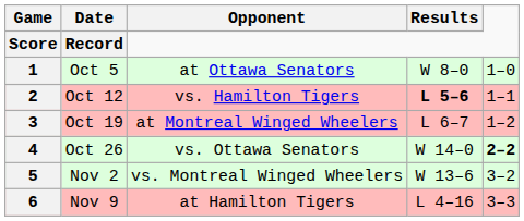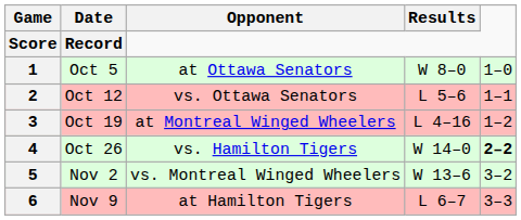 <table class="wikitable" style="text-align:center">
 <tr>
 <th>Game</th>
 <th>Date</th>
 <th>Opponent</th>
 <th>Results</th>
 </tr>
 <tr>
 <th>Score</th>
 <th>Record</th>
 </tr>
 <tr style="background:#ddffdd">
 <th>1</th>
 <td>Oct 5</td>
 <td>at <a href='#'>Ottawa Senators</a></td>
 <td>W 8–0</td>
 <td>1–0</td>
 </tr>
 <tr style="background:#ffbbbb">
 <th>2</th>
 <td>Oct 12</td>
-<td>vs. <a href='#'>Hamilton Tigers</a></td>
-<td><strong>L 5–6</strong></td>
+<td>vs. Ottawa Senators</td>
+<td>L 5–6</td>
 <td>1–1</td>
 </tr>
 <tr style="background:#ffbbbb">
 <th>3</th>
 <td>Oct 19</td>
 <td>at <a href='#'>Montreal Winged Wheelers</a></td>
-<td>L 6–7</td>
+<td>L 4–16</td>
 <td>1–2</td>
 </tr>
 <tr style="background:#ddffdd">
 <th>4</th>
 <td>Oct 26</td>
-<td>vs. Ottawa Senators</td>
+<td>vs. <a href='#'>Hamilton Tigers</a></td>
 <td>W 14–0</td>
 <td><strong>2–2</strong></td>
 </tr>
 <tr style="background:#ddffdd">
 <th>5</th>
 <td>Nov 2</td>
 <td>vs. Montreal Winged Wheelers</td>
 <td>W 13–6</td>
 <td>3–2</td>
 </tr>
 <tr style="background:#ffbbbb">
 <th>6</th>
 <td>Nov 9</td>
 <td>at Hamilton Tigers</td>
-<td>L 4–16</td>
+<td>L 6–7</td>
 <td>3–3</td>
 </tr>
 </table>
